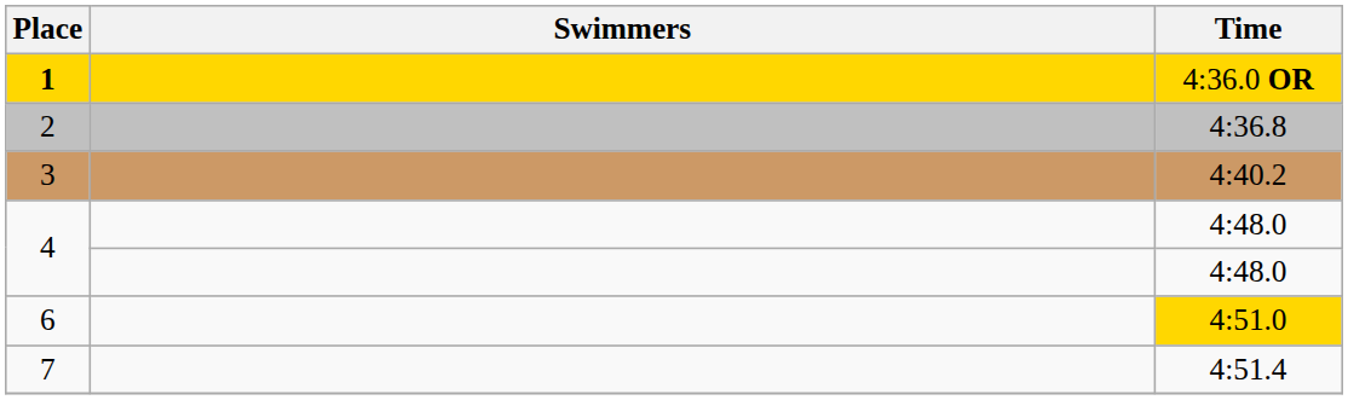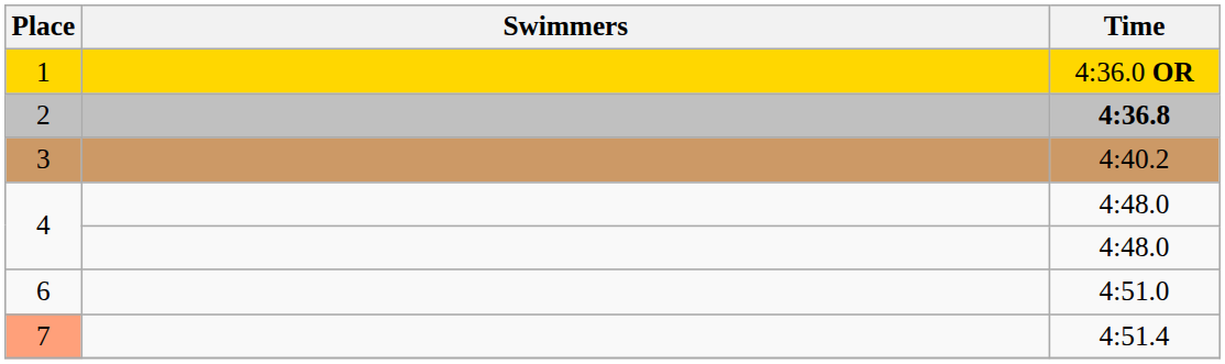 <table class=wikitable style="text-align:center">
 <tr>
 <th>Place</th>
 <th width=550>Swimmers</th>
 <th width=90>Time</th>
 </tr>
 <tr bgcolor=gold>
-<td><strong>1</strong></td>
+<td>1</td>
 <td align=left></td>
 <td>4:36.0 <strong>OR</strong></td>
 </tr>
 <tr bgcolor=silver>
 <td>2</td>
 <td align=left></td>
-<td>4:36.8</td>
+<td><strong>4:36.8</strong></td>
 </tr>
 <tr bgcolor=cc9966>
 <td>3</td>
 <td align=left></td>
 <td>4:40.2</td>
 </tr>
 <tr>
 <td rowspan=2>4</td>
 <td align=left></td>
 <td>4:48.0</td>
 </tr>
 <tr>
 <td align=left></td>
 <td>4:48.0</td>
 </tr>
 <tr>
 <td>6</td>
 <td align=left></td>
-<td style="background: gold;">4:51.0</td>
+<td>4:51.0</td>
 </tr>
 <tr>
-<td>7</td>
+<td style="background: lightsalmon;">7</td>
 <td align=left></td>
 <td>4:51.4</td>
 </tr>
 <tr>
 </tr>
 </table>
